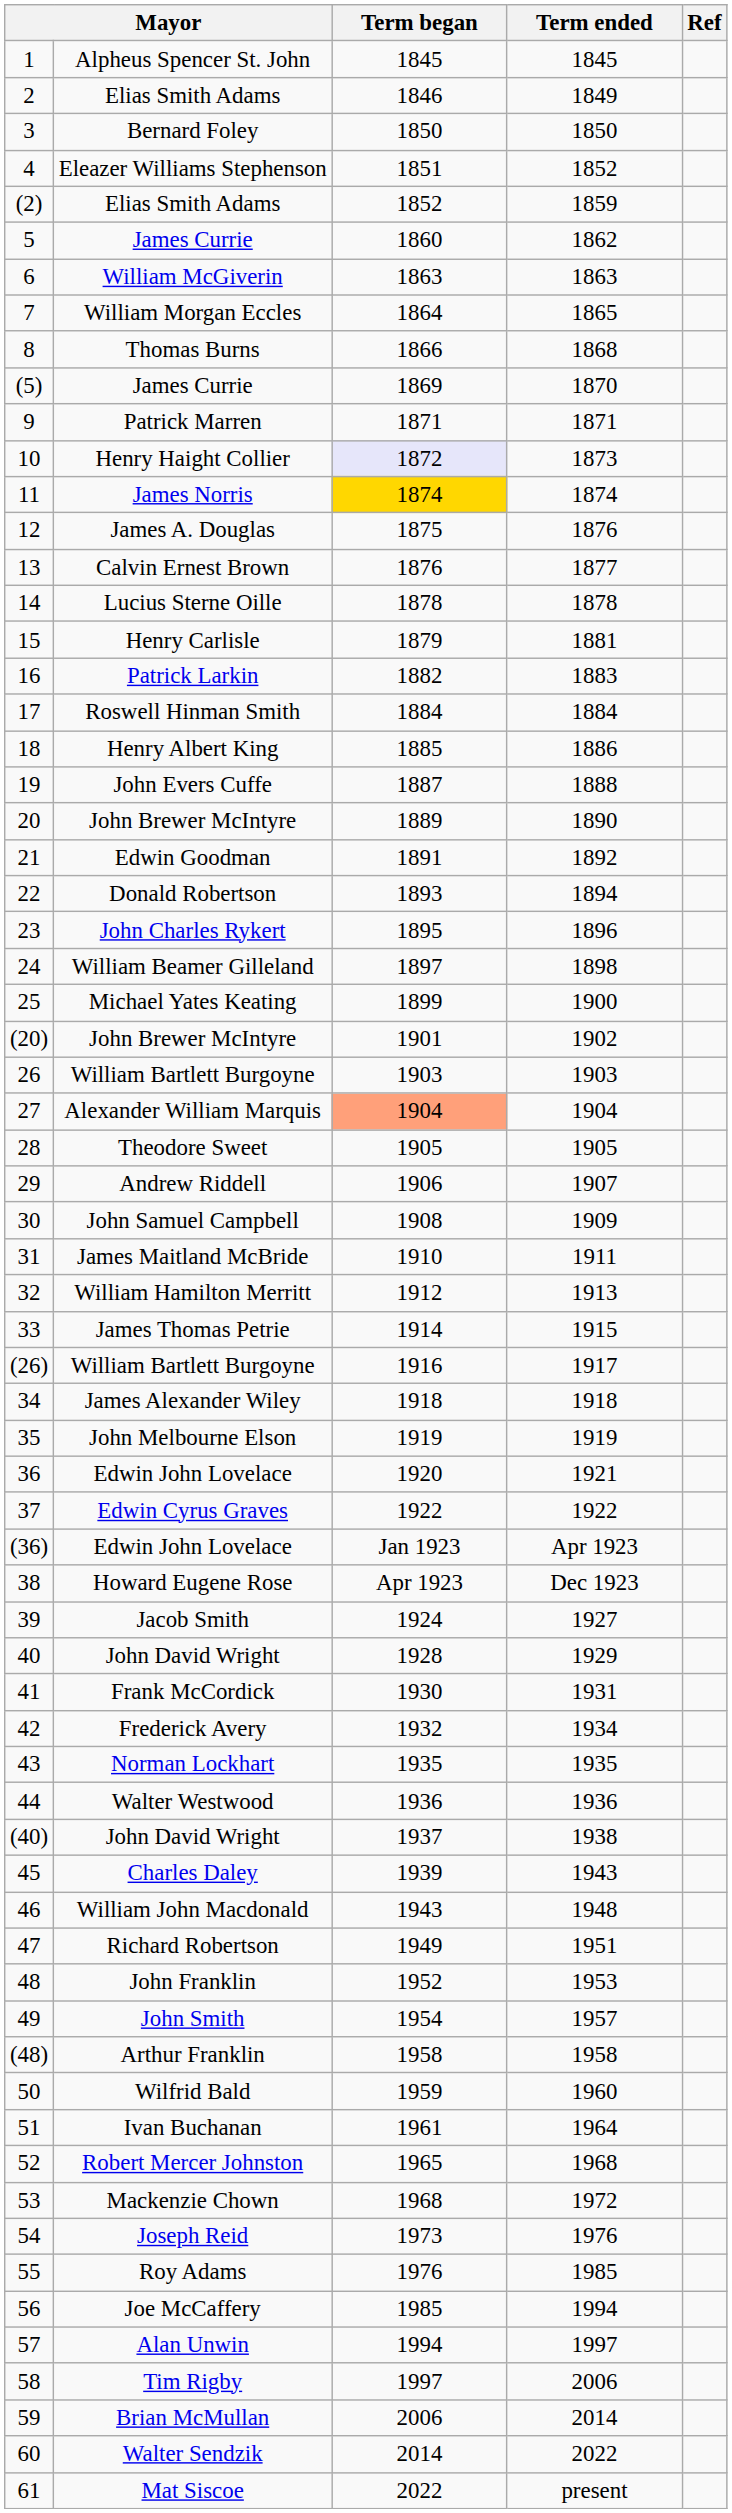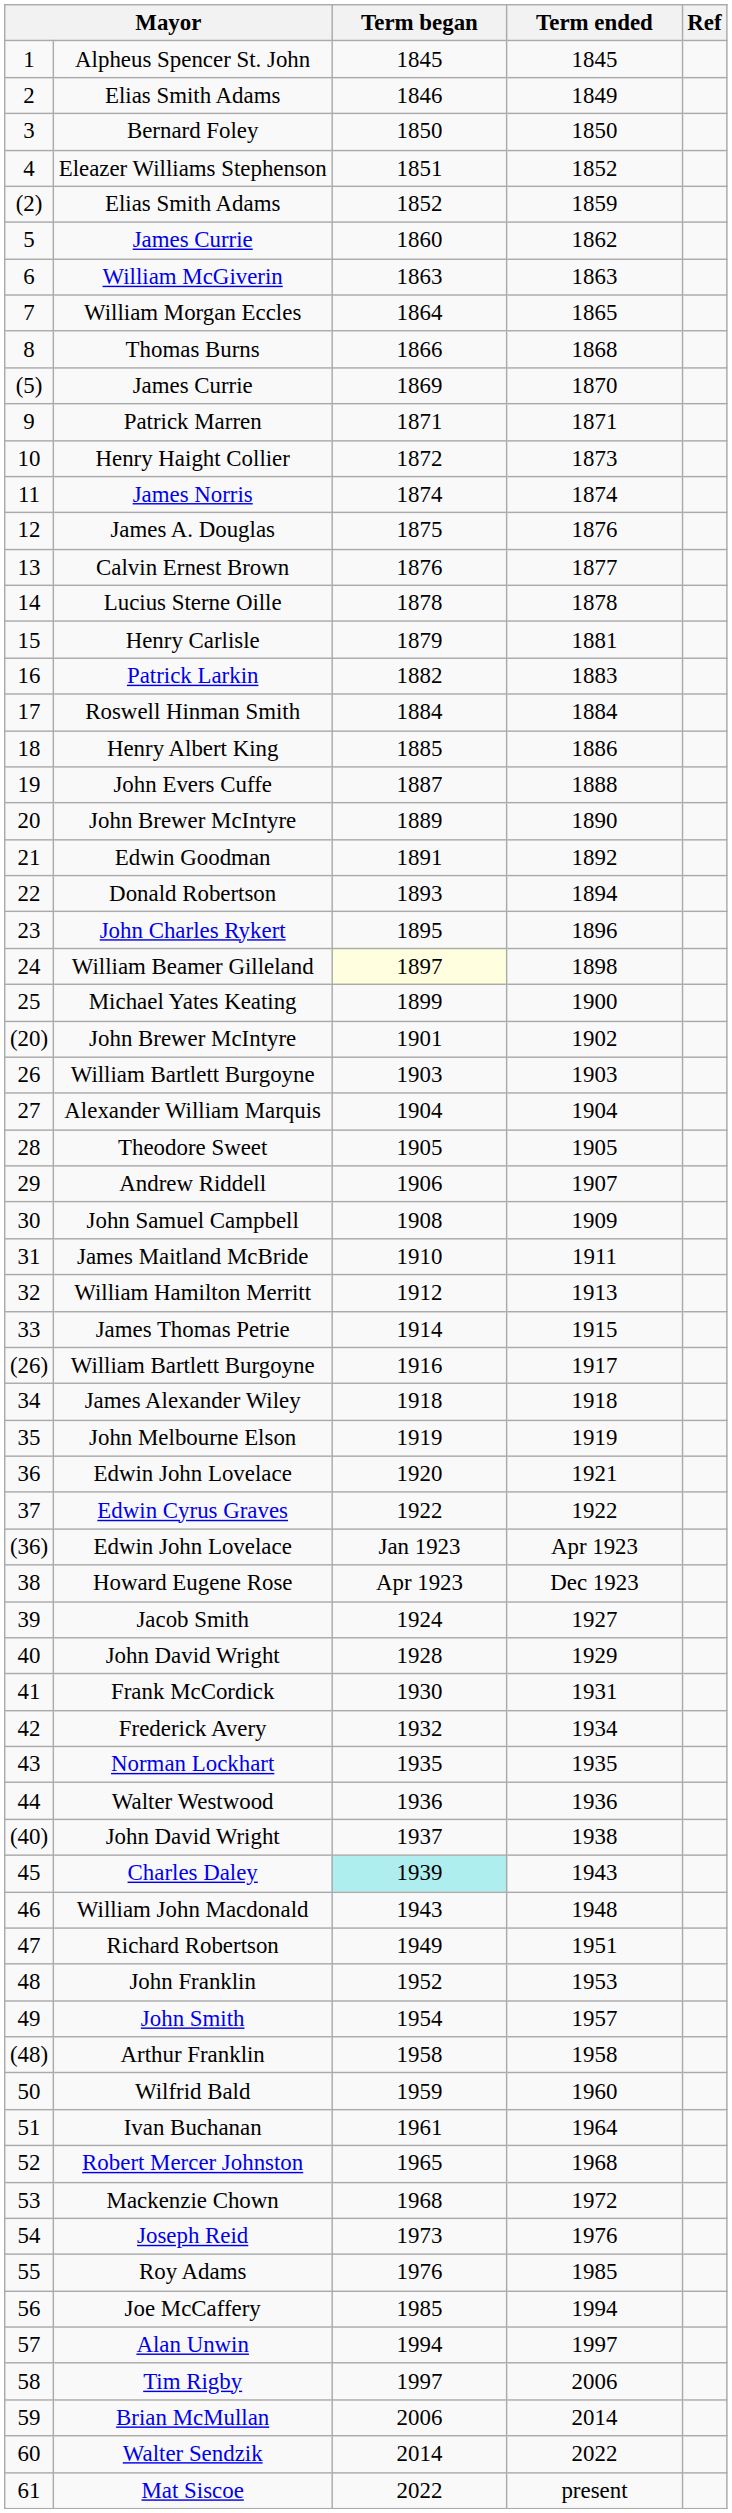 <table class="wikitable sortable" style="text-align:center;">
 <tr>
 <th colspan=2 width="115">Mayor</th>
 <th width="115">Term began</th>
 <th width="115">Term ended</th>
 <th width="20">Ref</th>
 </tr>
 <tr>
 <td>1</td>
 <td>Alpheus Spencer St. John</td>
 <td>1845</td>
 <td>1845</td>
 <td></td>
 </tr>
 <tr>
 <td>2</td>
 <td>Elias Smith Adams</td>
 <td>1846</td>
 <td>1849</td>
 <td></td>
 </tr>
 <tr>
 <td>3</td>
 <td>Bernard Foley</td>
 <td>1850</td>
 <td>1850</td>
 <td></td>
 </tr>
 <tr>
 <td>4</td>
 <td>Eleazer Williams Stephenson</td>
 <td>1851</td>
 <td>1852</td>
 <td></td>
 </tr>
 <tr>
 <td>(2)</td>
 <td>Elias Smith Adams</td>
 <td>1852</td>
 <td>1859</td>
 <td></td>
 </tr>
 <tr>
 <td>5</td>
 <td><a href='#'>James Currie</a></td>
 <td>1860</td>
 <td>1862</td>
 <td></td>
 </tr>
 <tr>
 <td>6</td>
 <td><a href='#'>William McGiverin</a></td>
 <td>1863</td>
 <td>1863</td>
 <td></td>
 </tr>
 <tr>
 <td>7</td>
 <td>William Morgan Eccles</td>
 <td>1864</td>
 <td>1865</td>
 <td></td>
 </tr>
 <tr>
 <td>8</td>
 <td>Thomas Burns</td>
 <td>1866</td>
 <td>1868</td>
 <td></td>
 </tr>
 <tr>
 <td>(5)</td>
 <td>James Currie</td>
 <td>1869</td>
 <td>1870</td>
 <td></td>
 </tr>
 <tr>
 <td>9</td>
 <td>Patrick Marren</td>
 <td>1871</td>
 <td>1871</td>
 <td></td>
 </tr>
 <tr>
 <td>10</td>
 <td>Henry Haight Collier</td>
-<td style="background: lavender;">1872</td>
+<td>1872</td>
 <td>1873</td>
 <td></td>
 </tr>
 <tr>
 <td>11</td>
 <td><a href='#'>James Norris</a></td>
-<td style="background: gold;">1874</td>
+<td>1874</td>
 <td>1874</td>
 <td></td>
 </tr>
 <tr>
 <td>12</td>
 <td>James A. Douglas</td>
 <td>1875</td>
 <td>1876</td>
 <td></td>
 </tr>
 <tr>
 <td>13</td>
 <td>Calvin Ernest Brown</td>
 <td>1876</td>
 <td>1877</td>
 <td></td>
 </tr>
 <tr>
 <td>14</td>
 <td>Lucius Sterne Oille</td>
 <td>1878</td>
 <td>1878</td>
 <td></td>
 </tr>
 <tr>
 <td>15</td>
 <td>Henry Carlisle</td>
 <td>1879</td>
 <td>1881</td>
 <td></td>
 </tr>
 <tr>
 <td>16</td>
 <td><a href='#'>Patrick Larkin</a></td>
 <td>1882</td>
 <td>1883</td>
 <td></td>
 </tr>
 <tr>
 <td>17</td>
 <td>Roswell Hinman Smith</td>
 <td>1884</td>
 <td>1884</td>
 <td></td>
 </tr>
 <tr>
 <td>18</td>
 <td>Henry Albert King</td>
 <td>1885</td>
 <td>1886</td>
 <td></td>
 </tr>
 <tr>
 <td>19</td>
 <td>John Evers Cuffe</td>
 <td>1887</td>
 <td>1888</td>
 <td></td>
 </tr>
 <tr>
 <td>20</td>
 <td>John Brewer McIntyre</td>
 <td>1889</td>
 <td>1890</td>
 <td></td>
 </tr>
 <tr>
 <td>21</td>
 <td>Edwin Goodman</td>
 <td>1891</td>
 <td>1892</td>
 <td></td>
 </tr>
 <tr>
 <td>22</td>
 <td>Donald Robertson</td>
 <td>1893</td>
 <td>1894</td>
 <td></td>
 </tr>
 <tr>
 <td>23</td>
 <td><a href='#'>John Charles Rykert</a></td>
 <td>1895</td>
 <td>1896</td>
 <td></td>
 </tr>
 <tr>
 <td>24</td>
 <td>William Beamer Gilleland</td>
-<td>1897</td>
+<td style="background: lightyellow;">1897</td>
 <td>1898</td>
 <td></td>
 </tr>
 <tr>
 <td>25</td>
 <td>Michael Yates Keating</td>
 <td>1899</td>
 <td>1900</td>
 <td></td>
 </tr>
 <tr>
 <td>(20)</td>
 <td>John Brewer McIntyre</td>
 <td>1901</td>
 <td>1902</td>
 <td></td>
 </tr>
 <tr>
 <td>26</td>
 <td>William Bartlett Burgoyne</td>
 <td>1903</td>
 <td>1903</td>
 <td></td>
 </tr>
 <tr>
 <td>27</td>
 <td>Alexander William Marquis</td>
-<td style="background: lightsalmon;">1904</td>
+<td>1904</td>
 <td>1904</td>
 <td></td>
 </tr>
 <tr>
 <td>28</td>
 <td>Theodore Sweet</td>
 <td>1905</td>
 <td>1905</td>
 <td></td>
 </tr>
 <tr>
 <td>29</td>
 <td>Andrew Riddell</td>
 <td>1906</td>
 <td>1907</td>
 <td></td>
 </tr>
 <tr>
 <td>30</td>
 <td>John Samuel Campbell</td>
 <td>1908</td>
 <td>1909</td>
 <td></td>
 </tr>
 <tr>
 <td>31</td>
 <td>James Maitland McBride</td>
 <td>1910</td>
 <td>1911</td>
 <td></td>
 </tr>
 <tr>
 <td>32</td>
 <td>William Hamilton Merritt</td>
 <td>1912</td>
 <td>1913</td>
 <td></td>
 </tr>
 <tr>
 <td>33</td>
 <td>James Thomas Petrie</td>
 <td>1914</td>
 <td>1915</td>
 <td></td>
 </tr>
 <tr>
 <td>(26)</td>
 <td>William Bartlett Burgoyne</td>
 <td>1916</td>
 <td>1917</td>
 <td></td>
 </tr>
 <tr>
 <td>34</td>
 <td>James Alexander Wiley</td>
 <td>1918</td>
 <td>1918</td>
 <td></td>
 </tr>
 <tr>
 <td>35</td>
 <td>John Melbourne Elson</td>
 <td>1919</td>
 <td>1919</td>
 <td></td>
 </tr>
 <tr>
 <td>36</td>
 <td>Edwin John Lovelace</td>
 <td>1920</td>
 <td>1921</td>
 <td></td>
 </tr>
 <tr>
 <td>37</td>
 <td><a href='#'>Edwin Cyrus Graves</a></td>
 <td>1922</td>
 <td>1922</td>
 <td></td>
 </tr>
 <tr>
 <td>(36)</td>
 <td>Edwin John Lovelace</td>
 <td>Jan 1923</td>
 <td>Apr 1923</td>
 <td></td>
 </tr>
 <tr>
 <td>38</td>
 <td>Howard Eugene Rose</td>
 <td>Apr 1923</td>
 <td>Dec 1923</td>
 <td></td>
 </tr>
 <tr>
 <td>39</td>
 <td>Jacob Smith</td>
 <td>1924</td>
 <td>1927</td>
 <td></td>
 </tr>
 <tr>
 <td>40</td>
 <td>John David Wright</td>
 <td>1928</td>
 <td>1929</td>
 <td></td>
 </tr>
 <tr>
 <td>41</td>
 <td>Frank McCordick</td>
 <td>1930</td>
 <td>1931</td>
 <td></td>
 </tr>
 <tr>
 <td>42</td>
 <td>Frederick Avery</td>
 <td>1932</td>
 <td>1934</td>
 <td></td>
 </tr>
 <tr>
 <td>43</td>
 <td><a href='#'>Norman Lockhart</a></td>
 <td>1935</td>
 <td>1935</td>
 <td></td>
 </tr>
 <tr>
 <td>44</td>
 <td>Walter Westwood</td>
 <td>1936</td>
 <td>1936</td>
 <td></td>
 </tr>
 <tr>
 <td>(40)</td>
 <td>John David Wright</td>
 <td>1937</td>
 <td>1938</td>
 <td></td>
 </tr>
 <tr>
 <td>45</td>
 <td><a href='#'>Charles Daley</a></td>
-<td>1939</td>
+<td style="background: paleturquoise;">1939</td>
 <td>1943</td>
 <td></td>
 </tr>
 <tr>
 <td>46</td>
 <td>William John Macdonald</td>
 <td>1943</td>
 <td>1948</td>
 <td></td>
 </tr>
 <tr>
 <td>47</td>
 <td>Richard Robertson</td>
 <td>1949</td>
 <td>1951</td>
 <td></td>
 </tr>
 <tr>
 <td>48</td>
 <td>John Franklin</td>
 <td>1952</td>
 <td>1953</td>
 <td></td>
 </tr>
 <tr>
 <td>49</td>
 <td><a href='#'>John Smith</a></td>
 <td>1954</td>
 <td>1957</td>
 <td></td>
 </tr>
 <tr>
 <td>(48)</td>
 <td>Arthur Franklin</td>
 <td>1958</td>
 <td>1958</td>
 <td></td>
 </tr>
 <tr>
 <td>50</td>
 <td>Wilfrid Bald</td>
 <td>1959</td>
 <td>1960</td>
 <td></td>
 </tr>
 <tr>
 <td>51</td>
 <td>Ivan Buchanan</td>
 <td>1961</td>
 <td>1964</td>
 <td></td>
 </tr>
 <tr>
 <td>52</td>
 <td><a href='#'>Robert Mercer Johnston</a></td>
 <td>1965</td>
 <td>1968</td>
 <td></td>
 </tr>
 <tr>
 <td>53</td>
 <td>Mackenzie Chown</td>
 <td>1968</td>
 <td>1972</td>
 <td></td>
 </tr>
 <tr>
 <td>54</td>
 <td><a href='#'>Joseph Reid</a></td>
 <td>1973</td>
 <td>1976</td>
 <td></td>
 </tr>
 <tr>
 <td>55</td>
 <td>Roy Adams</td>
 <td>1976</td>
 <td>1985</td>
 <td></td>
 </tr>
 <tr>
 <td>56</td>
 <td>Joe McCaffery</td>
 <td>1985</td>
 <td>1994</td>
 <td></td>
 </tr>
 <tr>
 <td>57</td>
 <td><a href='#'>Alan Unwin</a></td>
 <td>1994</td>
 <td>1997</td>
 <td></td>
 </tr>
 <tr>
 <td>58</td>
 <td><a href='#'>Tim Rigby</a></td>
 <td>1997</td>
 <td>2006</td>
 <td></td>
 </tr>
 <tr>
 <td>59</td>
 <td><a href='#'>Brian McMullan</a></td>
 <td>2006</td>
 <td>2014</td>
 <td></td>
 </tr>
 <tr>
 <td>60</td>
 <td><a href='#'>Walter Sendzik</a></td>
 <td>2014</td>
 <td>2022</td>
 <td></td>
 </tr>
 <tr>
 <td>61</td>
 <td><a href='#'>Mat Siscoe</a></td>
 <td>2022</td>
 <td>present</td>
 <td></td>
 </tr>
 </table>
